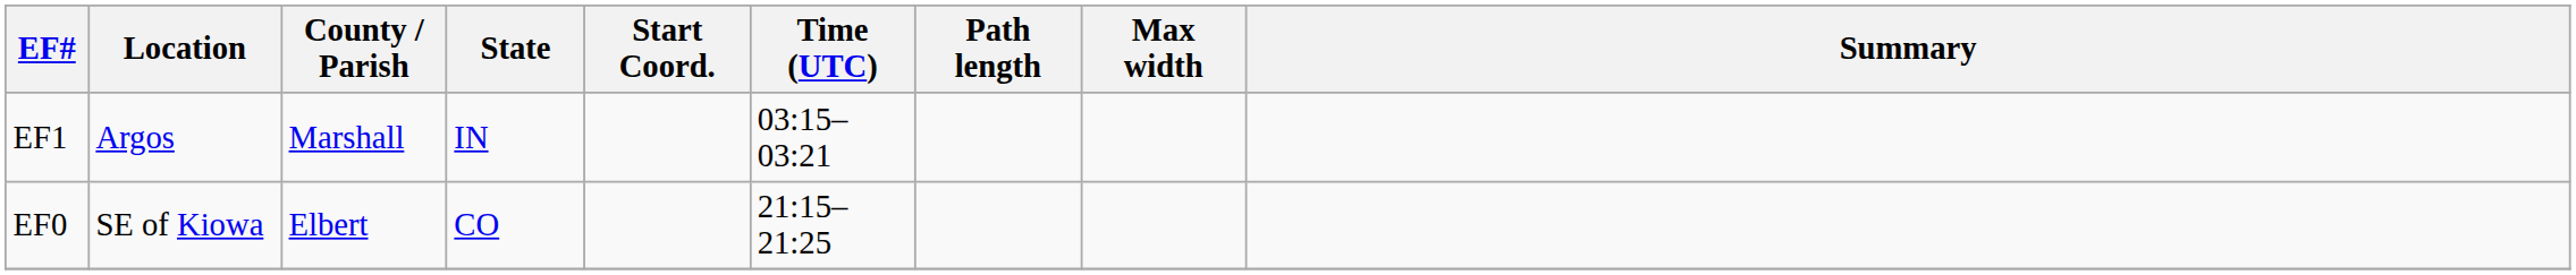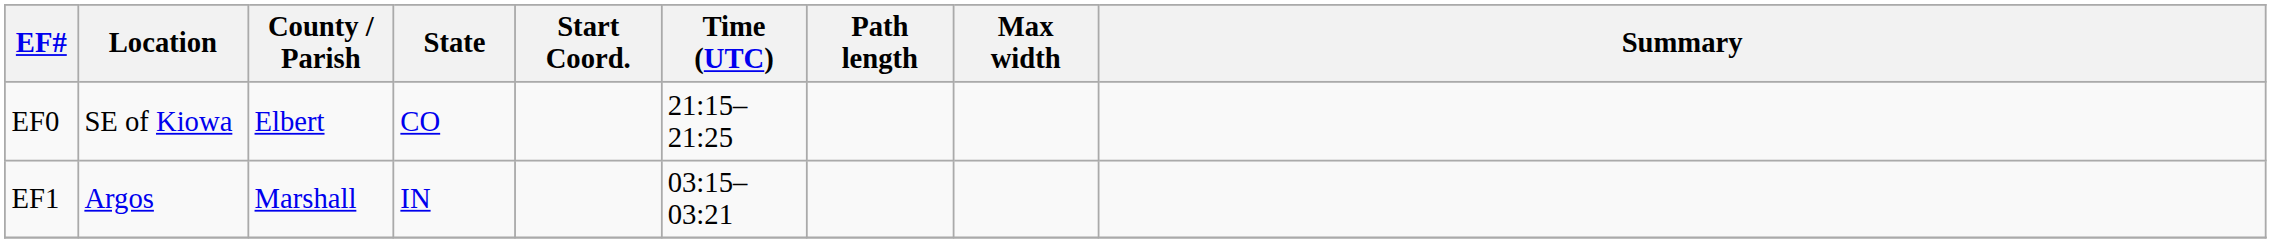 <table class="wikitable sortable" style="width:100%;">
 <tr>
 <th scope="col"  style="width:3%; text-align:center;"><a href='#'>EF#</a></th>
 <th scope="col"  style="width:7%; text-align:center;" class="unsortable">Location</th>
 <th scope="col"  style="width:6%; text-align:center;" class="unsortable">County / Parish</th>
 <th scope="col"  style="width:5%; text-align:center;">State</th>
 <th scope="col"  style="width:6%; text-align:center;">Start Coord.</th>
 <th scope="col"  style="width:6%; text-align:center;">Time (<a href='#'>UTC</a>)</th>
 <th scope="col"  style="width:6%; text-align:center;">Path length</th>
 <th scope="col"  style="width:6%; text-align:center;">Max width</th>
 <th scope="col" class="unsortable" style="width:48%; text-align:center;">Summary</th>
 </tr>
 <tr>
+<td>EF0</td>
+<td>SE of <a href='#'>Kiowa</a></td>
+<td><a href='#'>Elbert</a></td>
+<td><a href='#'>CO</a></td>
+<td></td>
+<td>21:15–21:25</td>
+<td></td>
+<td></td>
+<td></td>
+</tr>
+<tr>
 <td>EF1</td>
 <td><a href='#'>Argos</a></td>
 <td><a href='#'>Marshall</a></td>
 <td><a href='#'>IN</a></td>
 <td></td>
 <td>03:15–03:21</td>
 <td></td>
 <td></td>
 <td></td>
 </tr>
 <tr>
-<td>EF0</td>
-<td>SE of <a href='#'>Kiowa</a></td>
-<td><a href='#'>Elbert</a></td>
-<td><a href='#'>CO</a></td>
-<td></td>
-<td>21:15–21:25</td>
-<td></td>
-<td></td>
-<td></td>
-</tr>
-<tr>
 </tr>
 </table>
